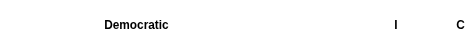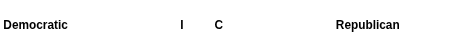 <table style="width:50em; text-align:center">
 <tr style="color:white">
 <td style="background:"><strong>61</strong></td>
 <td style="background:"><strong>1</strong></td>
 <td style="background:"><strong>1</strong></td>
+<td style="background:"><strong>37</strong></td>
 </tr>
 <tr>
 <td><span><strong>Democratic</strong></span></td>
 <td><strong>I</strong></td>
 <td><strong>C</strong></td>
+<td><span><strong>Republican</strong></span></td>
 </tr>
 </table>
